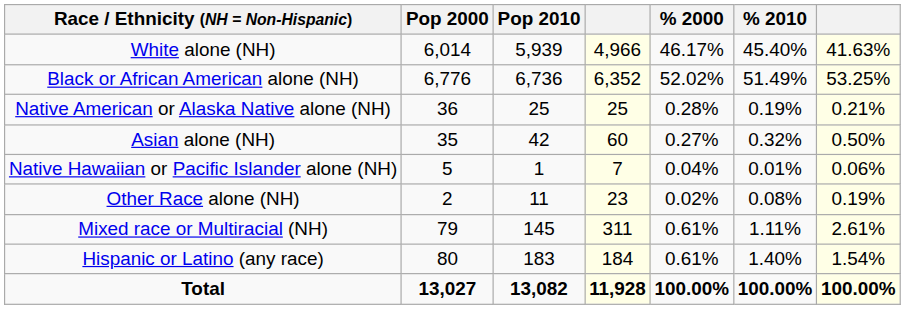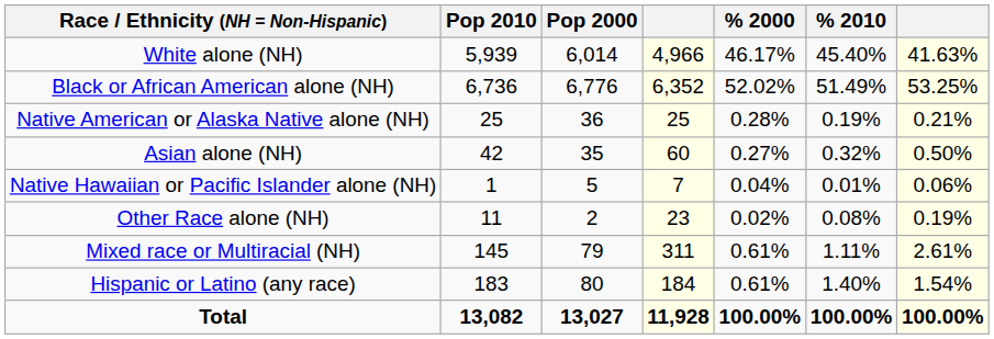 <table class="wikitable" style="text-align:center;">
 <tr>
 <th>Race / Ethnicity <small>(<em>NH = Non-Hispanic</em>)</small></th>
+<th>Pop 2010</th>
 <th>Pop 2000</th>
-<th>Pop 2010</th>
 <th></th>
 <th>% 2000</th>
 <th>% 2010</th>
 <th></th>
 </tr>
 <tr>
 <td><a href='#'>White</a> alone (NH)</td>
+<td>5,939</td>
 <td>6,014</td>
-<td>5,939</td>
 <td style='background: #ffffe6;'>4,966</td>
 <td>46.17%</td>
 <td>45.40%</td>
 <td style='background: #ffffe6;'>41.63%</td>
 </tr>
 <tr>
 <td><a href='#'>Black or African American</a> alone (NH)</td>
+<td>6,736</td>
 <td>6,776</td>
-<td>6,736</td>
 <td style='background: #ffffe6;'>6,352</td>
 <td>52.02%</td>
 <td>51.49%</td>
 <td style='background: #ffffe6;'>53.25%</td>
 </tr>
 <tr>
 <td><a href='#'>Native American</a> or <a href='#'>Alaska Native</a> alone (NH)</td>
+<td>25</td>
 <td>36</td>
-<td>25</td>
 <td style='background: #ffffe6;'>25</td>
 <td>0.28%</td>
 <td>0.19%</td>
 <td style='background: #ffffe6;'>0.21%</td>
 </tr>
 <tr>
 <td><a href='#'>Asian</a> alone (NH)</td>
+<td>42</td>
 <td>35</td>
-<td>42</td>
 <td style='background: #ffffe6;'>60</td>
 <td>0.27%</td>
 <td>0.32%</td>
 <td style='background: #ffffe6;'>0.50%</td>
 </tr>
 <tr>
 <td><a href='#'>Native Hawaiian</a> or <a href='#'>Pacific Islander</a> alone (NH)</td>
+<td>1</td>
 <td>5</td>
-<td>1</td>
 <td style='background: #ffffe6;'>7</td>
 <td>0.04%</td>
 <td>0.01%</td>
 <td style='background: #ffffe6;'>0.06%</td>
 </tr>
 <tr>
 <td><a href='#'>Other Race</a> alone (NH)</td>
+<td>11</td>
 <td>2</td>
-<td>11</td>
 <td style='background: #ffffe6;'>23</td>
 <td>0.02%</td>
 <td>0.08%</td>
 <td style='background: #ffffe6;'>0.19%</td>
 </tr>
 <tr>
 <td><a href='#'>Mixed race or Multiracial</a> (NH)</td>
+<td>145</td>
 <td>79</td>
-<td>145</td>
 <td style='background: #ffffe6;'>311</td>
 <td>0.61%</td>
 <td>1.11%</td>
 <td style='background: #ffffe6;'>2.61%</td>
 </tr>
 <tr>
 <td><a href='#'>Hispanic or Latino</a> (any race)</td>
+<td>183</td>
 <td>80</td>
-<td>183</td>
 <td style='background: #ffffe6;'>184</td>
 <td>0.61%</td>
 <td>1.40%</td>
 <td style='background: #ffffe6;'>1.54%</td>
 </tr>
 <tr>
 <td><strong>Total</strong></td>
+<td><strong>13,082</strong></td>
 <td><strong>13,027</strong></td>
-<td><strong>13,082</strong></td>
 <td style='background: #ffffe6;'><strong>11,928</strong></td>
 <td><strong>100.00%</strong></td>
 <td><strong>100.00%</strong></td>
 <td style='background: #ffffe6;'><strong>100.00%</strong></td>
 </tr>
 </table>
